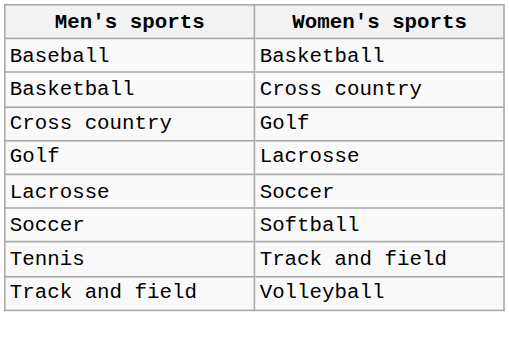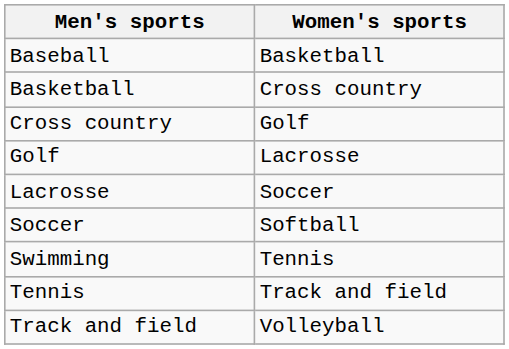 <table class= wikitable>
 <tr>
 <th width=150px>Men's sports</th>
 <th width=150px>Women's sports</th>
 </tr>
 <tr>
 <td>Baseball</td>
 <td>Basketball</td>
 </tr>
 <tr>
 <td>Basketball</td>
 <td>Cross country</td>
 </tr>
 <tr>
 <td>Cross country</td>
 <td>Golf</td>
 </tr>
 <tr>
 <td>Golf</td>
 <td>Lacrosse</td>
 </tr>
 <tr>
 <td>Lacrosse</td>
 <td>Soccer</td>
 </tr>
 <tr>
 <td>Soccer</td>
 <td>Softball</td>
 </tr>
 <tr>
+<td>Swimming</td>
+<td>Tennis</td>
+</tr>
+<tr>
 <td>Tennis</td>
 <td>Track and field</td>
 </tr>
 <tr>
 <td>Track and field</td>
 <td>Volleyball</td>
 </tr>
 </table>
